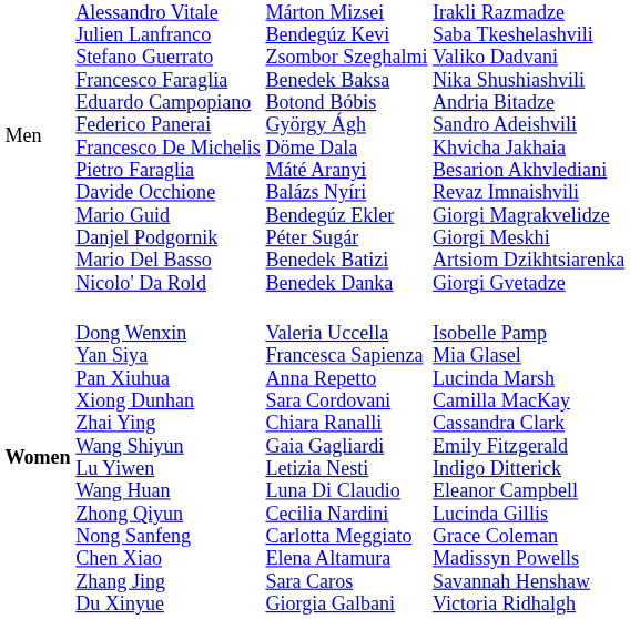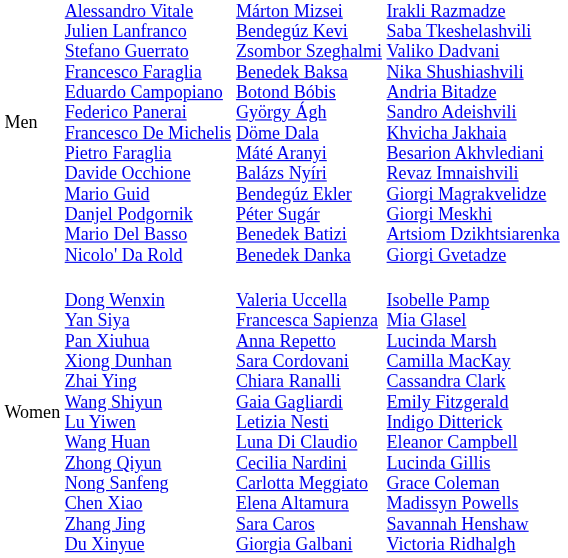 <table>
 <tr>
 <td>Men<br></td>
 <td><br><a href='#'>Alessandro Vitale</a><br><a href='#'>Julien Lanfranco</a><br><a href='#'>Stefano Guerrato</a><br><a href='#'>Francesco Faraglia</a><br><a href='#'>Eduardo Campopiano</a><br><a href='#'>Federico Panerai</a><br><a href='#'>Francesco De Michelis</a><br><a href='#'>Pietro Faraglia</a><br><a href='#'>Davide Occhione</a><br><a href='#'>Mario Guid</a><br><a href='#'>Danjel Podgornik</a><br><a href='#'>Mario Del Basso</a><br><a href='#'>Nicolo' Da Rold</a></td>
 <td><br><a href='#'>Márton Mizsei</a><br><a href='#'>Bendegúz Kevi</a><br><a href='#'>Zsombor Szeghalmi</a><br><a href='#'>Benedek Baksa</a><br><a href='#'>Botond Bóbis</a><br><a href='#'>György Ágh</a><br><a href='#'>Döme Dala</a><br><a href='#'>Máté Aranyi</a><br><a href='#'>Balázs Nyíri</a><br> <a href='#'>Bendegúz Ekler</a><br><a href='#'>Péter Sugár</a><br><a href='#'>Benedek Batizi</a><br><a href='#'>Benedek Danka</a></td>
 <td><br><a href='#'>Irakli Razmadze</a><br><a href='#'>Saba Tkeshelashvili</a><br><a href='#'>Valiko Dadvani</a><br><a href='#'>Nika Shushiashvili</a><br><a href='#'>Andria Bitadze</a><br><a href='#'>Sandro Adeishvili</a><br><a href='#'>Khvicha Jakhaia</a><br><a href='#'>Besarion Akhvlediani</a><br><a href='#'>Revaz Imnaishvili</a><br><a href='#'>Giorgi Magrakvelidze</a><br><a href='#'>Giorgi Meskhi</a><br><a href='#'>Artsiom Dzikhtsiarenka</a><br><a href='#'>Giorgi Gvetadze</a></td>
 </tr>
 <tr>
-<td><strong>Women<br></strong></td>
+<td>Women<br></td>
 <td><br><a href='#'>Dong Wenxin</a><br><a href='#'>Yan Siya</a><br><a href='#'>Pan Xiuhua</a><br><a href='#'>Xiong Dunhan</a><br><a href='#'>Zhai Ying</a><br><a href='#'>Wang Shiyun</a><br><a href='#'>Lu Yiwen</a><br><a href='#'>Wang Huan</a><br><a href='#'>Zhong Qiyun</a><br><a href='#'>Nong Sanfeng</a><br><a href='#'>Chen Xiao</a><br><a href='#'>Zhang Jing</a><br><a href='#'>Du Xinyue</a></td>
 <td><br><a href='#'>Valeria Uccella</a><br><a href='#'>Francesca Sapienza</a><br><a href='#'>Anna Repetto</a><br><a href='#'>Sara Cordovani</a><br><a href='#'>Chiara Ranalli</a><br><a href='#'>Gaia Gagliardi</a><br><a href='#'>Letizia Nesti</a><br><a href='#'>Luna Di Claudio</a><br><a href='#'>Cecilia Nardini</a><br><a href='#'>Carlotta Meggiato</a><br><a href='#'>Elena Altamura</a><br><a href='#'>Sara Caros</a><br><a href='#'>Giorgia Galbani</a></td>
 <td><br><a href='#'>Isobelle Pamp</a><br><a href='#'>Mia Glasel</a><br><a href='#'>Lucinda Marsh</a><br><a href='#'>Camilla MacKay</a><br><a href='#'>Cassandra Clark</a><br><a href='#'>Emily Fitzgerald</a><br><a href='#'>Indigo Ditterick</a><br><a href='#'>Eleanor Campbell</a><br><a href='#'>Lucinda Gillis</a><br><a href='#'>Grace Coleman</a><br><a href='#'>Madissyn Powells</a><br><a href='#'>Savannah Henshaw</a><br><a href='#'>Victoria Ridhalgh</a></td>
 </tr>
 </table>
